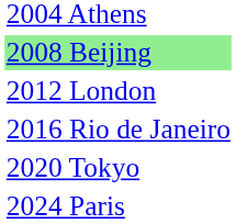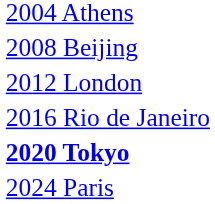 <table>
 <tr>
 <td><a href='#'>2004 Athens</a><br></td>
 <td></td>
 <td></td>
 <td></td>
 </tr>
 <tr>
-<td style="background: lightgreen;"><a href='#'>2008 Beijing</a><br></td>
+<td><a href='#'>2008 Beijing</a><br></td>
 <td></td>
 <td></td>
 <td></td>
 </tr>
 <tr>
 <td><a href='#'>2012 London</a><br></td>
 <td></td>
 <td></td>
 <td></td>
 </tr>
 <tr>
 <td><a href='#'>2016 Rio de Janeiro</a><br></td>
 <td></td>
 <td></td>
 <td></td>
 </tr>
 <tr>
-<td><a href='#'>2020 Tokyo</a><br></td>
+<td><strong><a href='#'>2020 Tokyo</a><br></strong></td>
 <td></td>
 <td></td>
 <td></td>
 </tr>
 <tr>
 <td><a href='#'>2024 Paris</a> <br></td>
 <td></td>
 <td></td>
 <td></td>
 </tr>
 <tr>
 </tr>
 </table>
